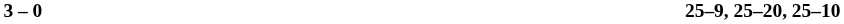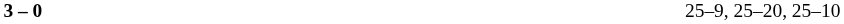 <table width=100% cellspacing=1>
 <tr>
 <th width=20%></th>
 <th width=12%></th>
 <th width=20%></th>
 <th width=33%></th>
 <td></td>
 </tr>
 <tr style=font-size:95%>
 <td align=right><strong></strong></td>
 <td align=center><strong>3 – 0</strong></td>
 <td></td>
-<td><strong>25–9, 25–20, 25–10</strong></td>
+<td>25–9, 25–20, 25–10</td>
 </tr>
 </table>
